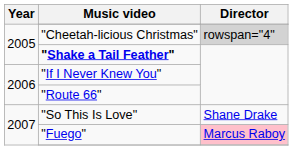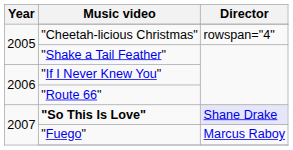 <table class="wikitable">
 <tr>
 <th>Year</th>
 <th>Music video</th>
 <th>Director</th>
 </tr>
 <tr>
 <td rowspan="3">2005</td>
 </tr>
 <tr>
 <td>"Cheetah-licious Christmas"</td>
-<td style="background: lightgrey;">rowspan="4" </td>
+<td>rowspan="4" </td>
 </tr>
 <tr>
-<td><strong>"<a href='#'>Shake a Tail Feather</a>"</strong></td>
+<td>"<a href='#'>Shake a Tail Feather</a>"</td>
 </tr>
 <tr>
 <td rowspan="2">2006</td>
 <td>"<a href='#'>If I Never Knew You</a>"</td>
 </tr>
 <tr>
 <td>"<a href='#'>Route 66</a>"</td>
 </tr>
 <tr>
 <td rowspan="3">2007</td>
-<td>"So This Is Love"</td>
-<td><a href='#'>Shane Drake</a></td>
+<td><strong>"So This Is Love"</strong></td>
+<td style="background: lavender;"><a href='#'>Shane Drake</a></td>
 </tr>
 <tr>
 <td>"<a href='#'>Fuego</a>"</td>
-<td style="background: pink;"><a href='#'>Marcus Raboy</a></td>
+<td><a href='#'>Marcus Raboy</a></td>
 </tr>
 <tr>
 </tr>
 </table>
